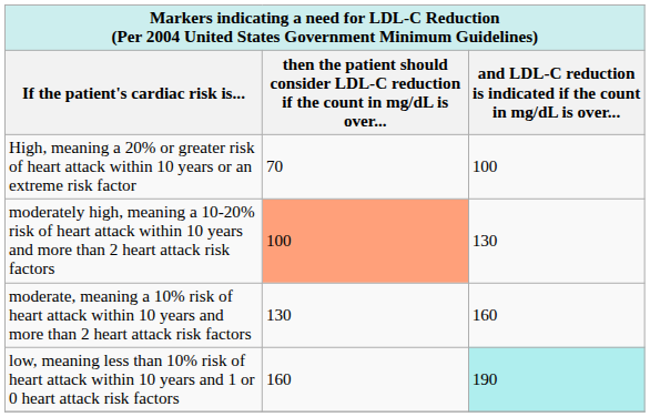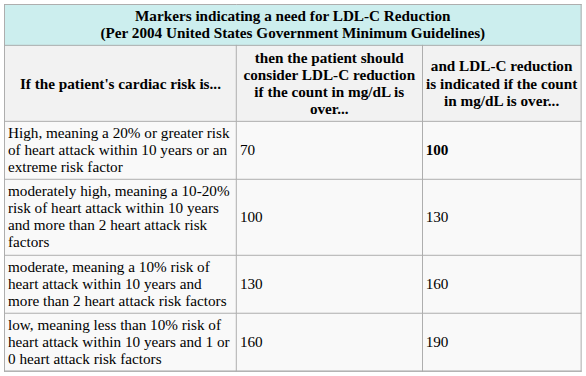 <table class="wikitable"; width:40em; border:solid 1px #999999; margin:0 0 1em 1em;">
 <tr>
 <th colspan=5 style="background-color: #CCEEEE;">Markers indicating a need for LDL-C Reduction<br>(Per 2004 United States Government Minimum Guidelines)</th>
 </tr>
 <tr>
 <th>If the patient's cardiac risk is...</th>
 <th>then the patient should consider LDL-C reduction if the count in mg/dL is over...</th>
 <th>and LDL-C reduction is indicated if the count in mg/dL is over...</th>
 </tr>
 <tr>
 <td>High, meaning a 20% or greater risk of heart attack within 10 years or an extreme risk factor</td>
 <td>70</td>
-<td>100</td>
+<td><strong>100</strong></td>
 </tr>
 <tr>
 <td>moderately high, meaning a 10-20% risk of heart attack within 10 years and more than 2 heart attack risk factors</td>
-<td style="background: lightsalmon;">100</td>
+<td>100</td>
 <td>130</td>
 </tr>
 <tr>
 <td>moderate, meaning a 10% risk of heart attack within 10 years and more than 2 heart attack risk factors</td>
 <td>130</td>
 <td>160</td>
 </tr>
 <tr>
 <td>low, meaning less than 10% risk of heart attack within 10 years and 1 or 0 heart attack risk factors</td>
 <td>160</td>
-<td style="background: paleturquoise;">190</td>
+<td>190</td>
 </tr>
 <tr>
 </tr>
 </table>
